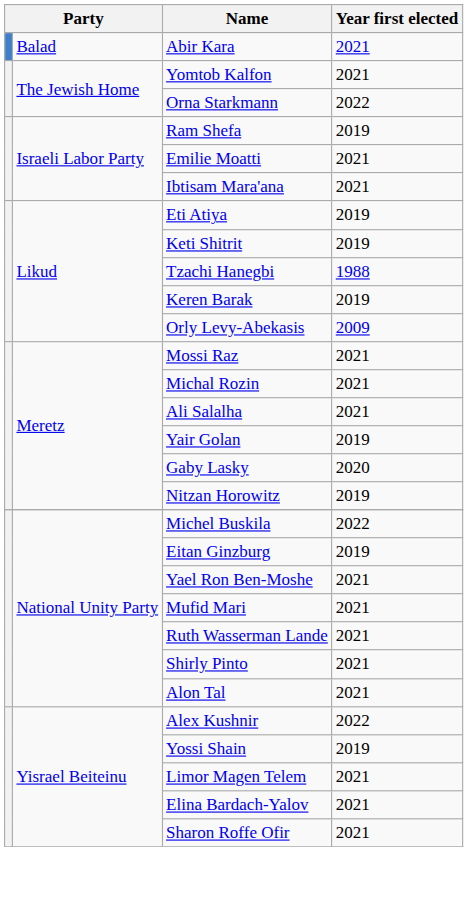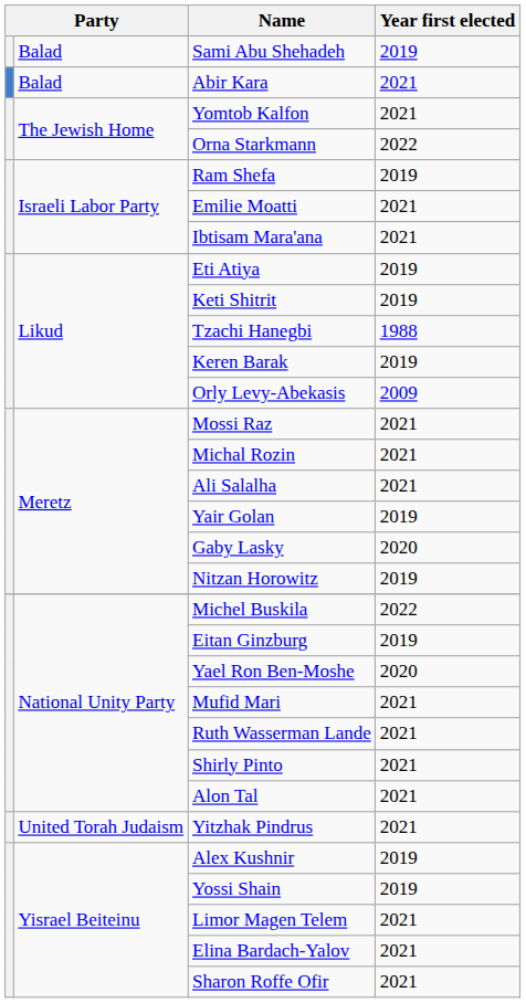 <table class="wikitable sortable" style="font-size: 95%;">
 <tr>
 <th colspan="2">Party</th>
 <th>Name</th>
 <th>Year first elected</th>
+</tr>
+<tr>
+<th rowspan="1" style="background-color: "></th>
+<td><a href='#'>Balad</a></td>
+<td><a href='#'>Sami Abu Shehadeh</a></td>
+<td><a href='#'>2019</a></td>
 </tr>
 <tr>
 <th rowspan="1" style="background-color:#3D7FCA"></th>
 <td><a href='#'>Balad</a></td>
 <td><a href='#'>Abir Kara</a></td>
 <td><a href='#'>2021</a></td>
 </tr>
 <tr>
 <th rowspan="2" style="background-color: "></th>
 <td rowspan="2"><a href='#'>The Jewish Home</a></td>
 <td><a href='#'>Yomtob Kalfon</a></td>
 <td>2021</td>
 </tr>
 <tr>
 <td><a href='#'>Orna Starkmann</a></td>
 <td>2022</td>
 </tr>
 <tr>
 <th rowspan="3" style="background-color: "></th>
 <td rowspan="3"><a href='#'>Israeli Labor Party</a></td>
 <td><a href='#'>Ram Shefa</a></td>
 <td>2019</td>
 </tr>
 <tr>
 <td><a href='#'>Emilie Moatti</a></td>
 <td>2021</td>
 </tr>
 <tr>
 <td><a href='#'>Ibtisam Mara'ana</a></td>
 <td>2021</td>
 </tr>
 <tr>
 <th rowspan="5" style="background-color: "></th>
 <td rowspan="5"><a href='#'>Likud</a></td>
 <td><a href='#'>Eti Atiya</a></td>
 <td>2019</td>
 </tr>
 <tr>
 <td><a href='#'>Keti Shitrit</a></td>
 <td>2019</td>
 </tr>
 <tr>
 <td><a href='#'>Tzachi Hanegbi</a></td>
 <td><a href='#'>1988</a></td>
 </tr>
 <tr>
 <td><a href='#'>Keren Barak</a></td>
 <td>2019</td>
 </tr>
 <tr>
 <td><a href='#'>Orly Levy-Abekasis</a></td>
 <td><a href='#'>2009</a></td>
 </tr>
 <tr>
 <th rowspan="6" style="background-color: "></th>
 <td rowspan="6"><a href='#'>Meretz</a></td>
 <td><a href='#'>Mossi Raz</a></td>
 <td>2021</td>
 </tr>
 <tr>
 <td><a href='#'>Michal Rozin</a></td>
 <td>2021</td>
 </tr>
 <tr>
 <td><a href='#'>Ali Salalha</a></td>
 <td>2021</td>
 </tr>
 <tr>
 <td><a href='#'>Yair Golan</a></td>
 <td>2019</td>
 </tr>
 <tr>
 <td><a href='#'>Gaby Lasky</a></td>
 <td>2020</td>
 </tr>
 <tr>
 <td><a href='#'>Nitzan Horowitz</a></td>
 <td>2019</td>
 </tr>
 <tr>
 </tr>
 <tr>
 <th rowspan="7" style="background-color: "></th>
 <td rowspan="7"><a href='#'>National Unity Party</a></td>
 <td><a href='#'>Michel Buskila</a></td>
 <td>2022</td>
 </tr>
 <tr>
 <td><a href='#'>Eitan Ginzburg</a></td>
 <td>2019</td>
 </tr>
 <tr>
 <td><a href='#'>Yael Ron Ben-Moshe</a></td>
-<td>2021</td>
+<td>2020</td>
 </tr>
 <tr>
 <td><a href='#'>Mufid Mari</a></td>
 <td>2021</td>
 </tr>
 <tr>
 <td><a href='#'>Ruth Wasserman Lande</a></td>
 <td>2021</td>
 </tr>
 <tr>
 <td><a href='#'>Shirly Pinto</a></td>
 <td>2021</td>
 </tr>
 <tr>
 <td><a href='#'>Alon Tal</a></td>
 <td>2021</td>
 </tr>
 <tr>
+<th rowspan="1" style="background-color: "></th>
+<td rowspan="1"><a href='#'>United Torah Judaism</a></td>
+<td><a href='#'>Yitzhak Pindrus</a></td>
+<td>2021</td>
+</tr>
+<tr>
 <th rowspan="5" style="background-color: "></th>
 <td rowspan="5"><a href='#'>Yisrael Beiteinu</a></td>
 <td><a href='#'>Alex Kushnir</a></td>
-<td>2022</td>
+<td>2019</td>
 </tr>
 <tr>
 <td><a href='#'>Yossi Shain</a></td>
 <td>2019</td>
 </tr>
 <tr>
 <td><a href='#'>Limor Magen Telem</a></td>
 <td>2021</td>
 </tr>
 <tr>
 <td><a href='#'>Elina Bardach-Yalov</a></td>
 <td>2021</td>
 </tr>
 <tr>
 <td><a href='#'>Sharon Roffe Ofir</a></td>
 <td>2021</td>
 </tr>
 </table>
